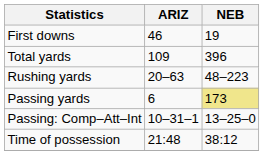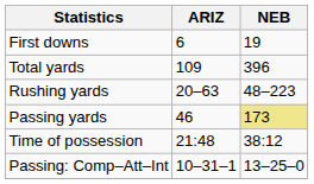 <table class="wikitable" style="float: left;">
 <tr>
 <th>Statistics</th>
 <th>ARIZ</th>
 <th>NEB</th>
 </tr>
 <tr>
 <td>First downs</td>
-<td>46</td>
+<td>6</td>
 <td>19</td>
 </tr>
 <tr>
 <td>Total yards</td>
 <td>109</td>
 <td>396</td>
 </tr>
 <tr>
 <td>Rushing yards</td>
 <td>20–63</td>
 <td>48–223</td>
 </tr>
 <tr>
 <td>Passing yards</td>
-<td>6</td>
+<td>46</td>
 <td style="background: khaki;">173</td>
+</tr>
+<tr>
+<td>Time of possession</td>
+<td>21:48</td>
+<td>38:12</td>
 </tr>
 <tr>
 <td>Passing: Comp–Att–Int</td>
 <td>10–31–1</td>
 <td>13–25–0</td>
 </tr>
 <tr>
-<td>Time of possession</td>
-<td>21:48</td>
-<td>38:12</td>
-</tr>
-<tr>
 </tr>
 </table>
